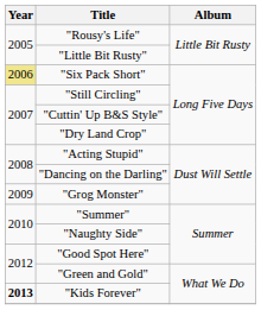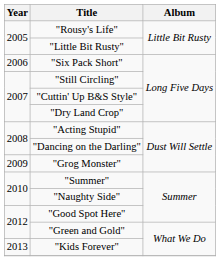 <table class="wikitable plainrowheaders" style="text-align:center;">
 <tr>
 <th>Year</th>
 <th>Title</th>
 <th>Album</th>
 </tr>
 <tr>
 <td rowspan="2">2005</td>
 <td>"Rousy's Life"</td>
 <td rowspan="2"><em>Little Bit Rusty</em></td>
 </tr>
 <tr>
 <td>"Little Bit Rusty"</td>
 </tr>
 <tr>
-<td style="background: khaki;">2006</td>
+<td>2006</td>
 <td>"Six Pack Short"</td>
 <td rowspan="4"><em>Long Five Days</em></td>
 </tr>
 <tr>
 <td rowspan="3">2007</td>
 <td>"Still Circling"</td>
 </tr>
 <tr>
 <td>"Cuttin' Up B&S Style"</td>
 </tr>
 <tr>
 <td>"Dry Land Crop"</td>
 </tr>
 <tr>
 <td rowspan="2">2008</td>
 <td>"Acting Stupid"</td>
 <td rowspan="3"><em>Dust Will Settle</em></td>
 </tr>
 <tr>
 <td>"Dancing on the Darling"</td>
 </tr>
 <tr>
 <td>2009</td>
 <td>"Grog Monster"</td>
 </tr>
 <tr>
 <td rowspan="2">2010</td>
 <td>"Summer"</td>
 <td rowspan="3"><em>Summer</em></td>
 </tr>
 <tr>
 <td>"Naughty Side"</td>
 </tr>
 <tr>
 <td rowspan="2">2012</td>
 <td>"Good Spot Here"</td>
 </tr>
 <tr>
 <td>"Green and Gold"</td>
 <td rowspan="2"><em>What We Do</em></td>
 </tr>
 <tr>
-<td><strong>2013</strong></td>
+<td>2013</td>
 <td>"Kids Forever"</td>
 </tr>
 <tr>
 </tr>
 </table>
